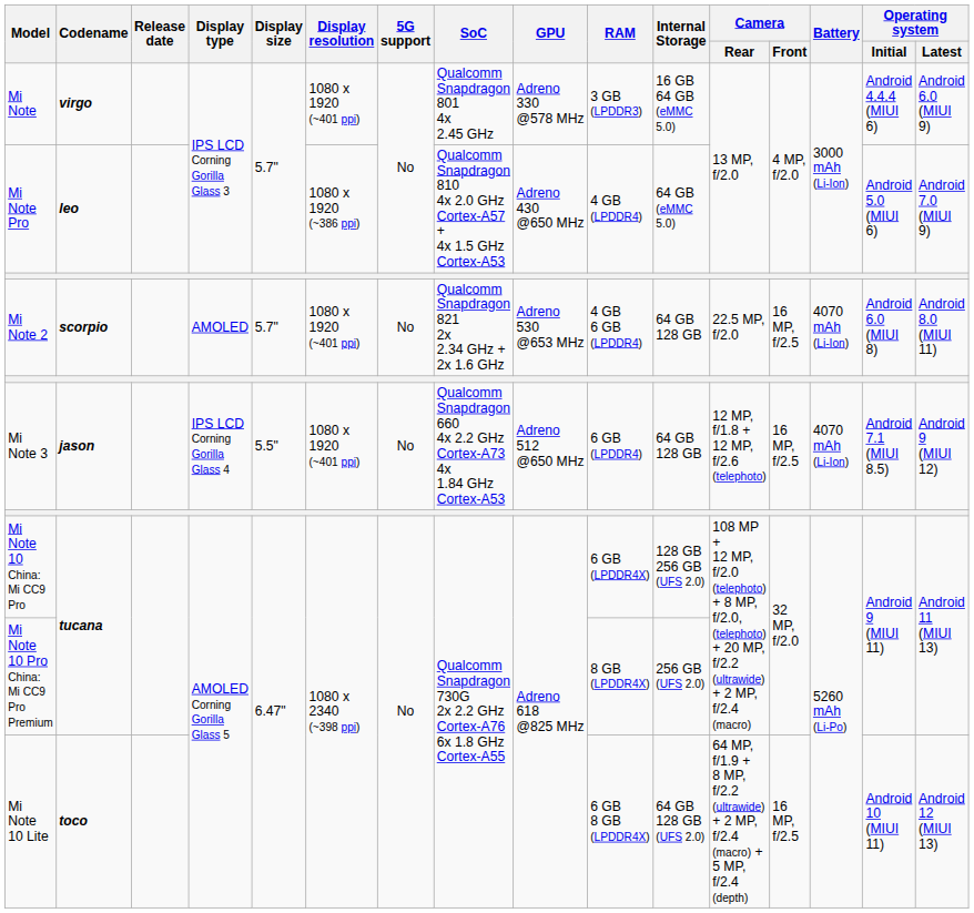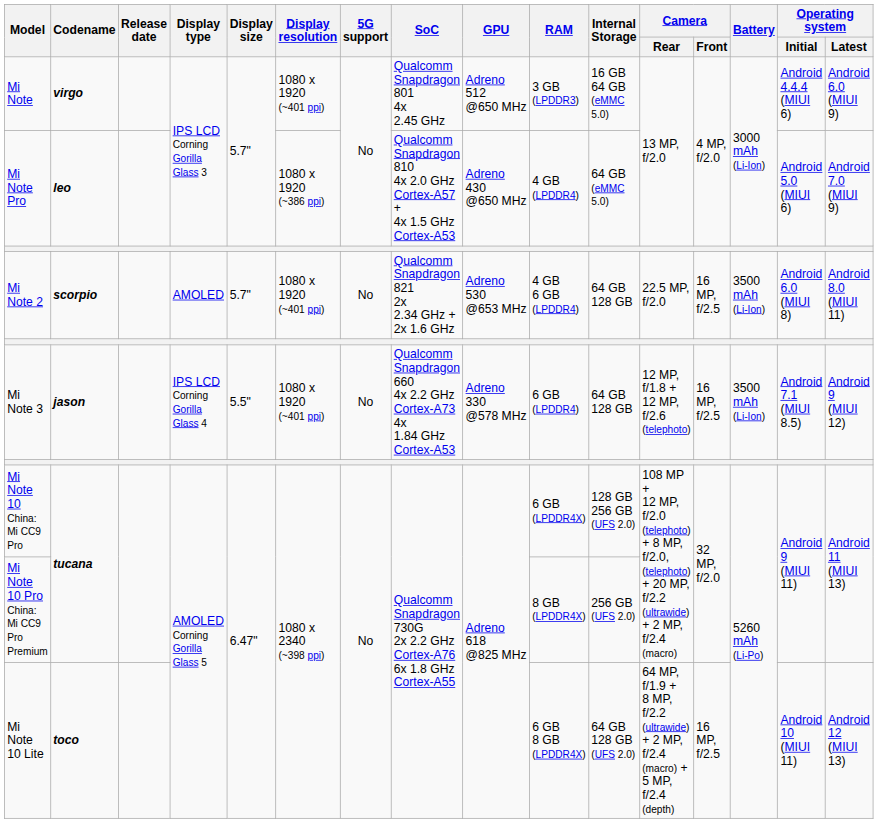 <table class="wikitable sortable mw-collapsible">
 <tr>
 <th rowspan="2">Model</th>
 <th rowspan="2">Codename</th>
 <th rowspan="2">Release date </th>
 <th rowspan="2">Display type</th>
 <th rowspan="2">Display size</th>
 <th rowspan="2"><a href='#'>Display resolution</a></th>
 <th rowspan="2"><a href='#'>5G</a> support</th>
 <th rowspan="2"><a href='#'>SoC</a></th>
 <th rowspan="2"><a href='#'>GPU</a></th>
 <th rowspan="2"><a href='#'>RAM</a></th>
 <th rowspan="2">Internal Storage</th>
 <th colspan="2"><a href='#'>Camera</a></th>
 <th rowspan="2"><a href='#'>Battery</a></th>
 <th colspan="2"><a href='#'>Operating system</a></th>
 </tr>
 <tr>
 <th>Rear</th>
 <th>Front</th>
 <th>Initial</th>
 <th>Latest</th>
 </tr>
 <tr>
 <td><a href='#'>Mi Note</a></td>
 <td><strong><em>virgo</em></strong></td>
 <td></td>
 <td rowspan="2"><a href='#'>IPS LCD</a><br><small>Corning <a href='#'>Gorilla Glass</a> 3</small></td>
 <td rowspan="2">5.7"</td>
 <td>1080 x 1920<br><small>(~401 <a href='#'>ppi</a>)</small></td>
 <td rowspan="2" style="text-align:center;">No</td>
 <td><a href='#'>Qualcomm Snapdragon</a> 801<br>4x 2.45 GHz</td>
-<td><a href='#'>Adreno</a> 330<br>@578 MHz</td>
+<td><a href='#'>Adreno</a> 512<br>@650 MHz</td>
 <td>3 GB<br><small>(<a href='#'>LPDDR3</a>)</small></td>
 <td>16 GB<br>64 GB<br><small>(<a href='#'>eMMC</a> 5.0)</small></td>
 <td rowspan="2">13 MP, f/2.0</td>
 <td rowspan="2">4 MP, f/2.0</td>
 <td rowspan="2">3000 <a href='#'>mAh</a><br><small>(<a href='#'>Li-Ion</a>)</small></td>
 <td><a href='#'>Android 4.4.4</a><br>(<a href='#'>MIUI</a> 6)</td>
 <td><a href='#'>Android 6.0</a><br>(<a href='#'>MIUI</a> 9)</td>
 </tr>
 <tr>
 <td><a href='#'>Mi Note Pro</a></td>
 <td><strong><em>leo</em></strong></td>
 <td></td>
 <td>1080 x 1920<br><small>(~386 <a href='#'>ppi</a>)</small></td>
 <td><a href='#'>Qualcomm Snapdragon</a> 810<br>4x 2.0 GHz <a href='#'>Cortex-A57</a> +<br>4x 1.5 GHz <a href='#'>Cortex-A53</a></td>
 <td><a href='#'>Adreno</a> 430<br>@650 MHz</td>
 <td>4 GB<br><small>(<a href='#'>LPDDR4</a>)</small></td>
 <td>64 GB<br><small>(<a href='#'>eMMC</a> 5.0)</small></td>
 <td><a href='#'>Android 5.0</a><br>(<a href='#'>MIUI</a> 6)</td>
 <td><a href='#'>Android 7.0</a><br>(<a href='#'>MIUI</a> 9)</td>
 </tr>
 <tr>
 <th colspan="16"></th>
 </tr>
 <tr>
 <td><a href='#'>Mi Note 2</a></td>
 <td><strong><em>scorpio</em></strong></td>
 <td></td>
 <td><a href='#'>AMOLED</a></td>
 <td>5.7"</td>
 <td>1080 x 1920<br><small>(~401 <a href='#'>ppi</a>)</small></td>
 <td style="text-align:center;">No</td>
 <td><a href='#'>Qualcomm Snapdragon</a> 821<br>2x 2.34 GHz +<br>2x 1.6 GHz</td>
 <td><a href='#'>Adreno</a> 530<br>@653 MHz</td>
 <td>4 GB<br>6 GB<br><small>(<a href='#'>LPDDR4</a>)</small></td>
 <td>64 GB<br>128 GB</td>
 <td>22.5 MP, f/2.0</td>
 <td>16 MP, f/2.5</td>
-<td>4070 <a href='#'>mAh</a><br><small>(<a href='#'>Li-Ion</a>)</small></td>
+<td>3500 <a href='#'>mAh</a><br><small>(<a href='#'>Li-Ion</a>)</small></td>
 <td><a href='#'>Android 6.0</a><br>(<a href='#'>MIUI</a> 8)</td>
 <td><a href='#'>Android 8.0</a><br>(<a href='#'>MIUI</a> 11)</td>
 </tr>
 <tr>
 <th colspan="16"></th>
 </tr>
 <tr>
 <td>Mi Note 3</td>
 <td><strong><em>jason</em></strong></td>
 <td></td>
 <td><a href='#'>IPS LCD</a><br><small>Corning <a href='#'>Gorilla Glass</a> 4</small></td>
 <td>5.5"</td>
 <td>1080 x 1920<br><small>(~401 <a href='#'>ppi</a>)</small></td>
 <td style="text-align:center;">No</td>
 <td><a href='#'>Qualcomm Snapdragon</a> 660<br>4x 2.2 GHz <a href='#'>Cortex-A73</a><br>4x 1.84 GHz <a href='#'>Cortex-A53</a></td>
-<td><a href='#'>Adreno</a> 512<br>@650 MHz</td>
+<td><a href='#'>Adreno</a> 330<br>@578 MHz</td>
 <td>6 GB<br><small>(<a href='#'>LPDDR4</a>)</small></td>
 <td>64 GB<br>128 GB</td>
 <td>12 MP, f/1.8 +<br>12 MP, f/2.6 <small>(<a href='#'>telephoto</a>)</small></td>
 <td>16 MP, f/2.5</td>
-<td>4070 <a href='#'>mAh</a><br><small>(<a href='#'>Li-Ion</a>)</small></td>
+<td>3500 <a href='#'>mAh</a><br><small>(<a href='#'>Li-Ion</a>)</small></td>
 <td><a href='#'>Android 7.1</a><br>(<a href='#'>MIUI</a> 8.5)</td>
 <td><a href='#'>Android 9</a><br>(<a href='#'>MIUI</a> 12)</td>
 </tr>
 <tr>
 <th colspan="16"></th>
 </tr>
 <tr>
 <td><a href='#'>Mi Note 10</a><br><small>China: Mi CC9 Pro</small></td>
 <td rowspan="2"><strong><em>tucana</em></strong></td>
 <td rowspan="2"></td>
 <td rowspan="3"><a href='#'>AMOLED</a><br><small>Corning <a href='#'>Gorilla Glass</a> 5</small></td>
 <td rowspan="3">6.47"</td>
 <td rowspan="3">1080 x 2340<br><small>(~398 <a href='#'>ppi</a>)</small></td>
 <td rowspan="3"; style="text-align:center;">No</td>
 <td rowspan="3"><a href='#'>Qualcomm Snapdragon</a> 730G<br>2x 2.2 GHz <a href='#'>Cortex-A76</a><br>6x 1.8 GHz <a href='#'>Cortex-A55</a></td>
 <td rowspan="3"><a href='#'>Adreno</a> 618<br>@825 MHz</td>
 <td>6 GB<br><small>(<a href='#'>LPDDR4X</a>)</small></td>
 <td>128 GB<br>256 GB<br><small>(<a href='#'>UFS</a> 2.0)</small></td>
 <td rowspan="2">108 MP +<br>12 MP, f/2.0 <small>(<a href='#'>telephoto</a>)</small> + 8 MP, f/2.0, <small>(<a href='#'>telephoto</a>)</small> + 20 MP, f/2.2 <small>(<a href='#'>ultrawide</a>)</small> + 2 MP, f/2.4 <small>(macro)</small></td>
 <td rowspan="2">32 MP, f/2.0</td>
 <td rowspan="3">5260 <a href='#'>mAh</a><br><small>(<a href='#'>Li-Po</a>)</small></td>
 <td rowspan="2"><a href='#'>Android 9</a><br>(<a href='#'>MIUI</a> 11)</td>
 <td rowspan="2"><a href='#'>Android 11</a><br>(<a href='#'>MIUI</a> 13)</td>
 </tr>
 <tr>
 <td><a href='#'>Mi Note 10 Pro</a><br><small>China: Mi CC9 Pro Premium</small></td>
 <td>8 GB<br><small>(<a href='#'>LPDDR4X</a>)</small></td>
 <td>256 GB<br><small>(<a href='#'>UFS</a> 2.0)</small></td>
 </tr>
 <tr>
 <td>Mi Note 10 Lite</td>
 <td><strong><em>toco</em></strong></td>
 <td></td>
 <td>6 GB<br>8 GB<br><small>(<a href='#'>LPDDR4X</a>)</small></td>
 <td>64 GB<br>128 GB<br><small>(<a href='#'>UFS</a> 2.0)</small></td>
 <td>64 MP, f/1.9 +<br>8 MP, f/2.2 <small>(<a href='#'>ultrawide</a>)</small> + 2 MP, f/2.4 <small>(macro)</small> + 5 MP, f/2.4 <small>(depth)</small></td>
 <td>16 MP, f/2.5</td>
 <td><a href='#'>Android 10</a><br>(<a href='#'>MIUI</a> 11)</td>
 <td><a href='#'>Android 12</a><br>(<a href='#'>MIUI</a> 13)</td>
 </tr>
 </table>
